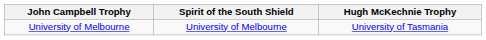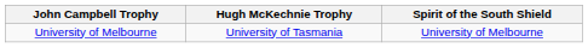 <table class="wikitable unsortable" style="width:90%; font-size:100%; text-align:center;">
 <tr>
 <th><strong>John Campbell Trophy</strong></th>
+<th><strong>Hugh McKechnie Trophy</strong></th>
 <th><strong>Spirit of the South Shield</strong></th>
-<th><strong>Hugh McKechnie Trophy</strong></th>
 </tr>
 <tr>
 <td><a href='#'>University of Melbourne</a></td>
+<td><a href='#'>University of Tasmania</a></td>
 <td><a href='#'>University of Melbourne</a></td>
-<td><a href='#'>University of Tasmania</a></td>
 </tr>
 </table>
